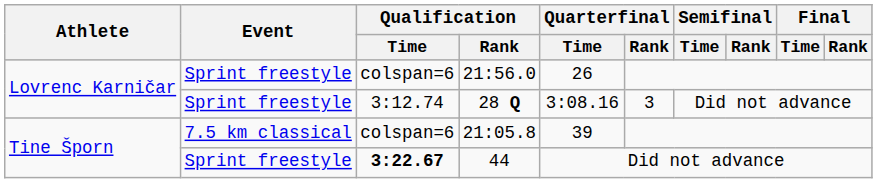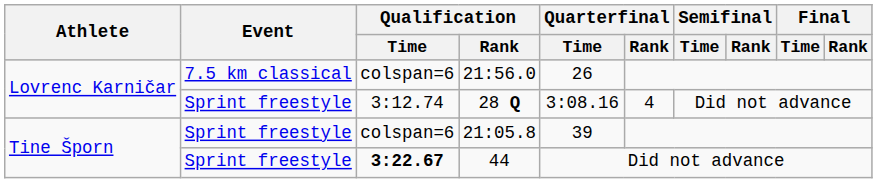 <table class="wikitable" style="font-size:90%">
 <tr>
 <th rowspan="2">Athlete</th>
 <th rowspan="2">Event</th>
 <th colspan="2">Qualification</th>
 <th colspan="2">Quarterfinal</th>
 <th colspan="2">Semifinal</th>
 <th colspan="2">Final</th>
 </tr>
 <tr style="font-size:95%">
 <th>Time</th>
 <th>Rank</th>
 <th>Time</th>
 <th>Rank</th>
 <th>Time</th>
 <th>Rank</th>
 <th>Time</th>
 <th>Rank</th>
 </tr>
 <tr align=center>
 <td align=left rowspan=2><a href='#'>Lovrenc Karničar</a></td>
-<td align=left><a href='#'>Sprint freestyle</a></td>
+<td align=left><a href='#'>7.5 km classical</a></td>
 <td>colspan=6</td>
 <td>21:56.0</td>
 <td>26</td>
 </tr>
 <tr align=center>
 <td align=left><a href='#'>Sprint freestyle</a></td>
 <td>3:12.74</td>
 <td>28 <strong>Q</strong></td>
 <td>3:08.16</td>
-<td>3</td>
+<td>4</td>
 <td colspan=4>Did not advance</td>
 </tr>
 <tr align=center>
 <td align=left rowspan=2><a href='#'>Tine Šporn</a></td>
-<td align=left><a href='#'>7.5 km classical</a></td>
+<td align=left><a href='#'>Sprint freestyle</a></td>
 <td>colspan=6</td>
 <td>21:05.8</td>
 <td>39</td>
 </tr>
 <tr align=center>
 <td align=left><a href='#'>Sprint freestyle</a></td>
 <td><strong>3:22.67</strong></td>
 <td>44</td>
 <td colspan=6>Did not advance</td>
 </tr>
 </table>
